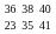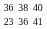 <table>
 <tr>
 <td><br></td>
 <td></td>
 <td>36</td>
 <td></td>
 <td>38</td>
 <td></td>
 <td>40</td>
 </tr>
 <tr>
 <td><br></td>
 <td></td>
 <td>23</td>
 <td></td>
-<td>35</td>
+<td>36</td>
 <td></td>
 <td>41</td>
 </tr>
 </table>
